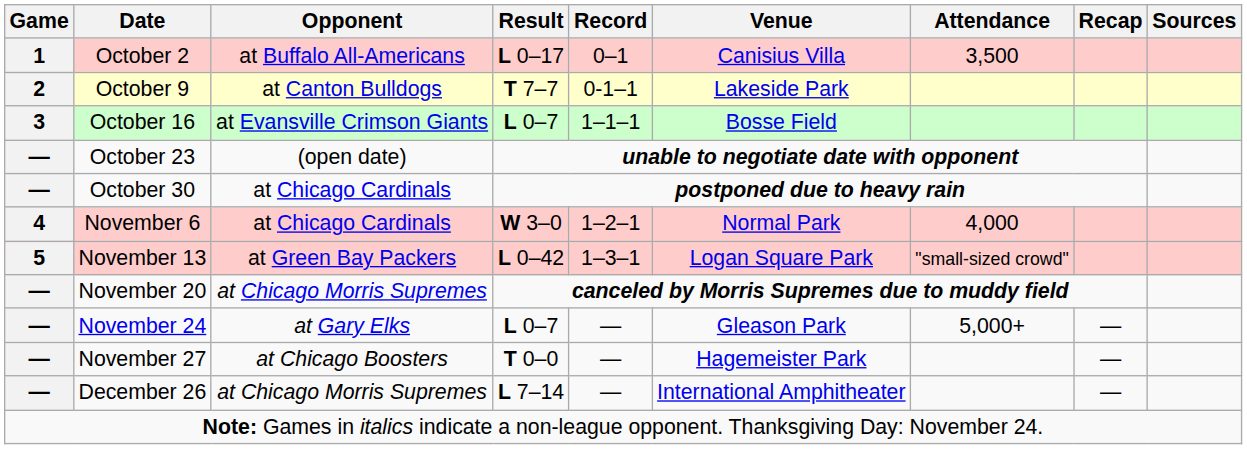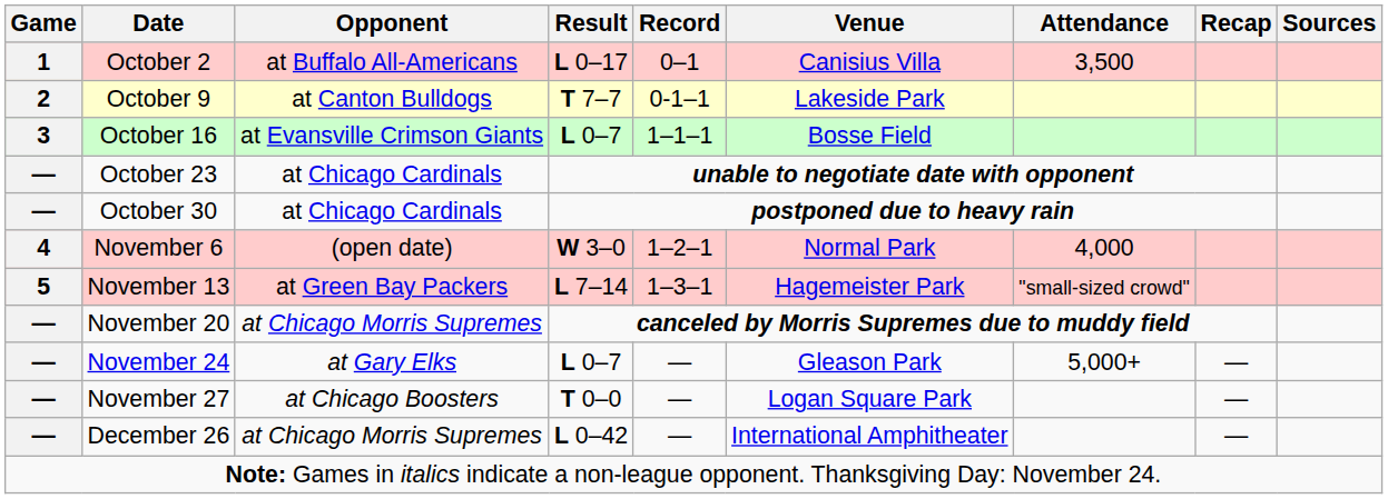 <table class="wikitable" style="text-align:center">
 <tr>
 <th>Game</th>
 <th>Date</th>
 <th>Opponent</th>
 <th>Result</th>
 <th>Record</th>
 <th>Venue</th>
 <th>Attendance</th>
 <th>Recap</th>
 <th>Sources</th>
 </tr>
 <tr style="background:#fcc">
 <th>1</th>
 <td>October 2</td>
 <td>at <a href='#'>Buffalo All-Americans</a></td>
 <td><strong>L</strong> 0–17</td>
 <td>0–1</td>
 <td><a href='#'>Canisius Villa</a></td>
 <td>3,500</td>
 <td></td>
 <td></td>
 </tr>
 <tr style="background:#ffc">
 <th>2</th>
 <td>October 9</td>
 <td>at <a href='#'>Canton Bulldogs</a></td>
 <td><strong>T</strong> 7–7</td>
 <td>0-1–1</td>
 <td><a href='#'>Lakeside Park</a></td>
 <td></td>
 <td></td>
 <td></td>
 </tr>
 <tr style="background:#cfc">
 <th>3</th>
 <td>October 16</td>
 <td>at <a href='#'>Evansville Crimson Giants</a></td>
 <td><strong>L</strong> 0–7</td>
 <td>1–1–1</td>
 <td><a href='#'>Bosse Field</a></td>
 <td></td>
 <td></td>
 <td></td>
 </tr>
 <tr>
 <th>—</th>
 <td>October 23</td>
-<td>(open date)</td>
+<td>at <a href='#'>Chicago Cardinals</a></td>
 <td colspan="5"><strong><em>unable to negotiate date with opponent</em></strong></td>
 <td></td>
 </tr>
 <tr>
 <th>—</th>
 <td>October 30</td>
 <td>at <a href='#'>Chicago Cardinals</a></td>
 <td colspan="5"><strong><em>postponed due to heavy rain</em></strong></td>
 <td></td>
 </tr>
 <tr style="background:#fcc">
 <th>4</th>
 <td>November 6</td>
-<td>at <a href='#'>Chicago Cardinals</a></td>
+<td>(open date)</td>
 <td><strong>W</strong> 3–0</td>
 <td>1–2–1</td>
 <td><a href='#'>Normal Park</a></td>
 <td>4,000</td>
 <td></td>
 <td></td>
 </tr>
 <tr style="background:#fcc">
 <th>5</th>
 <td>November 13</td>
 <td>at <a href='#'>Green Bay Packers</a></td>
-<td><strong>L</strong> 0–42</td>
+<td><strong>L</strong> 7–14</td>
 <td>1–3–1</td>
-<td><a href='#'>Logan Square Park</a></td>
+<td><a href='#'>Hagemeister Park</a></td>
 <td><small>"small-sized crowd"</small></td>
 <td></td>
 <td></td>
 </tr>
 <tr>
 <th>—</th>
 <td>November 20</td>
 <td><em>at <a href='#'>Chicago Morris Supremes</a></em></td>
 <td colspan="5"><strong><em>canceled by Morris Supremes due to muddy field</em></strong></td>
 <td></td>
 </tr>
 <tr>
 <th>—</th>
 <td><a href='#'>November 24</a></td>
 <td><em>at <a href='#'>Gary Elks</a></em></td>
 <td><strong>L</strong> 0–7</td>
 <td>—</td>
 <td><a href='#'>Gleason Park</a></td>
 <td>5,000+</td>
 <td>—</td>
 <td></td>
 </tr>
 <tr>
 <th>—</th>
 <td>November 27</td>
 <td><em>at Chicago Boosters</em></td>
 <td><strong>T</strong> 0–0</td>
 <td>—</td>
-<td><a href='#'>Hagemeister Park</a></td>
+<td><a href='#'>Logan Square Park</a></td>
 <td></td>
 <td>—</td>
 <td></td>
 </tr>
 <tr>
 <th>—</th>
 <td>December 26</td>
 <td><em>at Chicago Morris Supremes</em></td>
-<td><strong>L</strong> 7–14</td>
+<td><strong>L</strong> 0–42</td>
 <td>—</td>
 <td><a href='#'>International Amphitheater</a></td>
 <td></td>
 <td>—</td>
 <td></td>
 </tr>
 <tr>
 <td colspan="10"><strong>Note:</strong> Games in <em>italics</em> indicate a non-league opponent. Thanksgiving Day: November 24.</td>
 </tr>
 </table>
